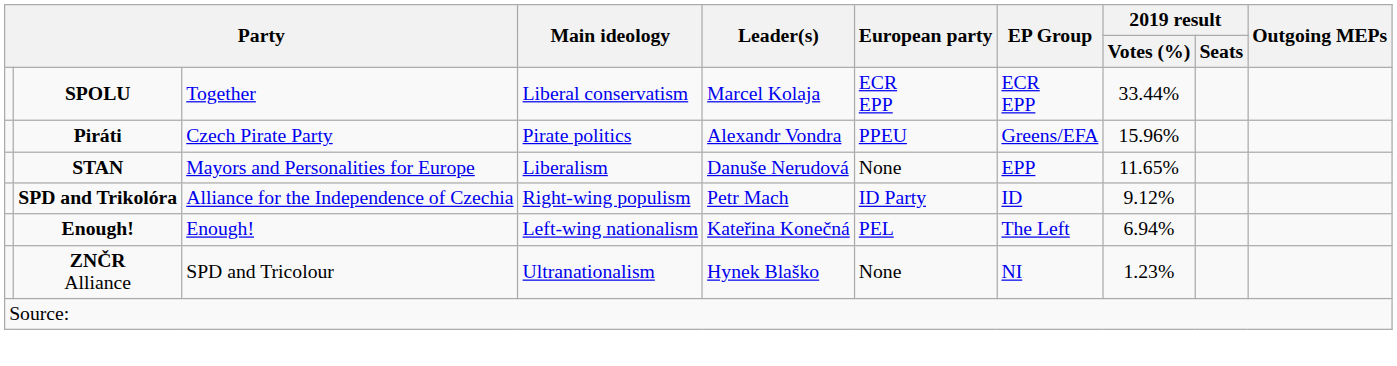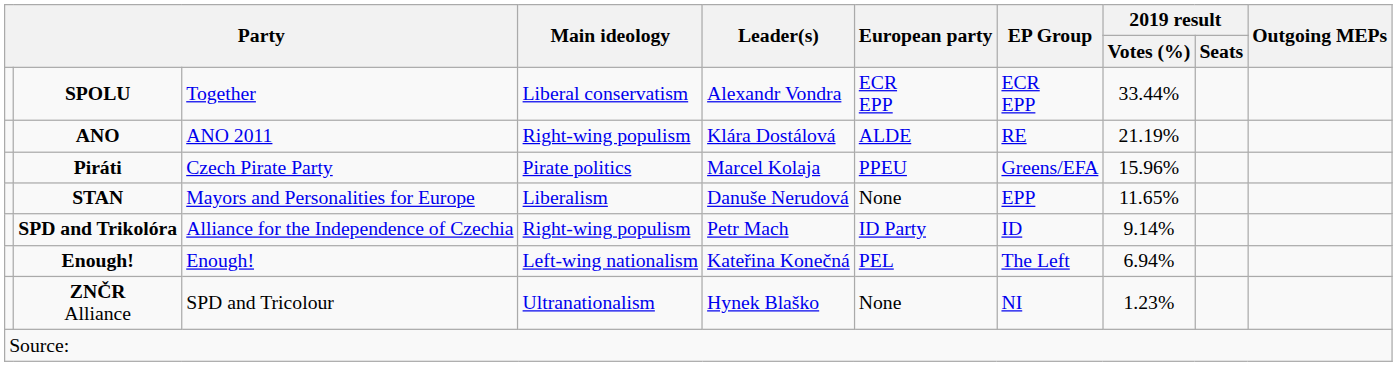 <table class="wikitable" style="text-align:left">
 <tr>
 <th colspan="3" rowspan="2">Party</th>
 <th rowspan="2">Main ideology</th>
 <th rowspan="2">Leader(s)</th>
 <th rowspan="2">European party</th>
 <th rowspan="2">EP Group</th>
 <th colspan="2">2019 result</th>
 <th rowspan="2">Outgoing MEPs</th>
 </tr>
 <tr>
 <th>Votes (%)</th>
 <th>Seats</th>
 </tr>
 <tr>
 <td style="color:inherit;background:"></td>
 <td style="text-align:center;"><strong>SPOLU</strong></td>
 <td><a href='#'>Together</a></td>
 <td><a href='#'>Liberal conservatism</a></td>
-<td><a href='#'>Marcel Kolaja</a></td>
+<td><a href='#'>Alexandr Vondra</a></td>
 <td><a href='#'>ECR</a><br><a href='#'>EPP</a></td>
 <td><a href='#'>ECR</a><br><a href='#'>EPP</a></td>
 <td style="text-align:center;">33.44% </td>
 <td></td>
 <td></td>
 </tr>
 <tr>
 <td style="color:inherit;background:"></td>
+<td style="text-align:center;"><strong>ANO</strong></td>
+<td><a href='#'>ANO 2011</a><br></td>
+<td><a href='#'>Right-wing populism</a></td>
+<td><a href='#'>Klára Dostálová</a></td>
+<td><a href='#'>ALDE</a></td>
+<td><a href='#'>RE</a></td>
+<td style="text-align:center;">21.19%</td>
+<td></td>
+<td></td>
+</tr>
+<tr>
+<td style="color:inherit;background:"></td>
 <td style="text-align:center;"><strong>Piráti</strong></td>
 <td><a href='#'>Czech Pirate Party</a><br></td>
 <td><a href='#'>Pirate politics</a></td>
-<td><a href='#'>Alexandr Vondra</a></td>
+<td><a href='#'>Marcel Kolaja</a></td>
 <td><a href='#'>PPEU</a></td>
 <td><a href='#'>Greens/EFA</a></td>
 <td style="text-align:center;">15.96%</td>
 <td></td>
 <td></td>
 </tr>
 <tr>
 <td style="color:inherit;background:"></td>
 <td style="text-align:center;"><strong>STAN</strong></td>
 <td><a href='#'>Mayors and Personalities for Europe</a></td>
 <td><a href='#'>Liberalism</a></td>
 <td><a href='#'>Danuše Nerudová</a></td>
 <td>None</td>
 <td><a href='#'>EPP</a></td>
 <td style="text-align:center;">11.65% </td>
 <td></td>
 <td></td>
 </tr>
 <tr>
 <td style="color:inherit;background:"></td>
 <td style="text-align:center;"><strong>SPD and Trikolóra</strong></td>
 <td><a href='#'>Alliance for the Independence of Czechia</a></td>
 <td><a href='#'>Right-wing populism</a></td>
 <td><a href='#'>Petr Mach</a></td>
 <td><a href='#'>ID Party</a></td>
 <td><a href='#'>ID</a></td>
-<td style="text-align:center;">9.12% </td>
+<td style="text-align:center;">9.14% </td>
 <td></td>
 <td></td>
 </tr>
 <tr>
 <td style="color:inherit;background:"></td>
 <td style="text-align:center;"><strong>Enough!</strong></td>
 <td><a href='#'>Enough!</a><br></td>
 <td><a href='#'>Left-wing nationalism</a></td>
 <td><a href='#'>Kateřina Konečná</a></td>
 <td><a href='#'>PEL</a></td>
 <td><a href='#'>The Left</a></td>
 <td style="text-align:center;">6.94%</td>
 <td></td>
 <td></td>
 </tr>
 <tr>
 <td style="color:inherit;background:"></td>
 <td style="text-align:center;"><strong>ZNČR</strong><br>Alliance</td>
 <td>SPD and Tricolour<br></td>
 <td><a href='#'>Ultranationalism</a></td>
 <td><a href='#'>Hynek Blaško</a></td>
 <td>None</td>
 <td><a href='#'>NI</a></td>
 <td style="text-align:center;">1.23%</td>
 <td></td>
 <td></td>
 </tr>
 <tr>
 <td colspan="10">Source:</td>
 </tr>
 </table>
